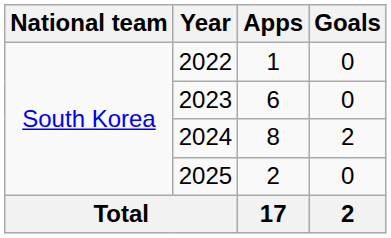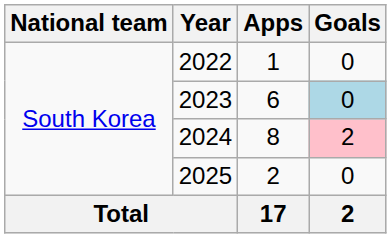 <table class="wikitable" style="text-align:center">
 <tr>
 <th>National team</th>
 <th>Year</th>
 <th>Apps</th>
 <th>Goals</th>
 </tr>
 <tr>
 <td rowspan="4"><a href='#'>South Korea</a></td>
 <td>2022</td>
 <td>1</td>
 <td>0</td>
 </tr>
 <tr>
 <td>2023</td>
 <td>6</td>
-<td>0</td>
+<td style="background: lightblue;">0</td>
 </tr>
 <tr>
 <td>2024</td>
 <td>8</td>
-<td>2</td>
+<td style="background: pink;">2</td>
 </tr>
 <tr>
 <td>2025</td>
 <td>2</td>
 <td>0</td>
 </tr>
 <tr>
 <th colspan="2">Total</th>
 <th>17</th>
 <th>2</th>
 </tr>
 </table>
